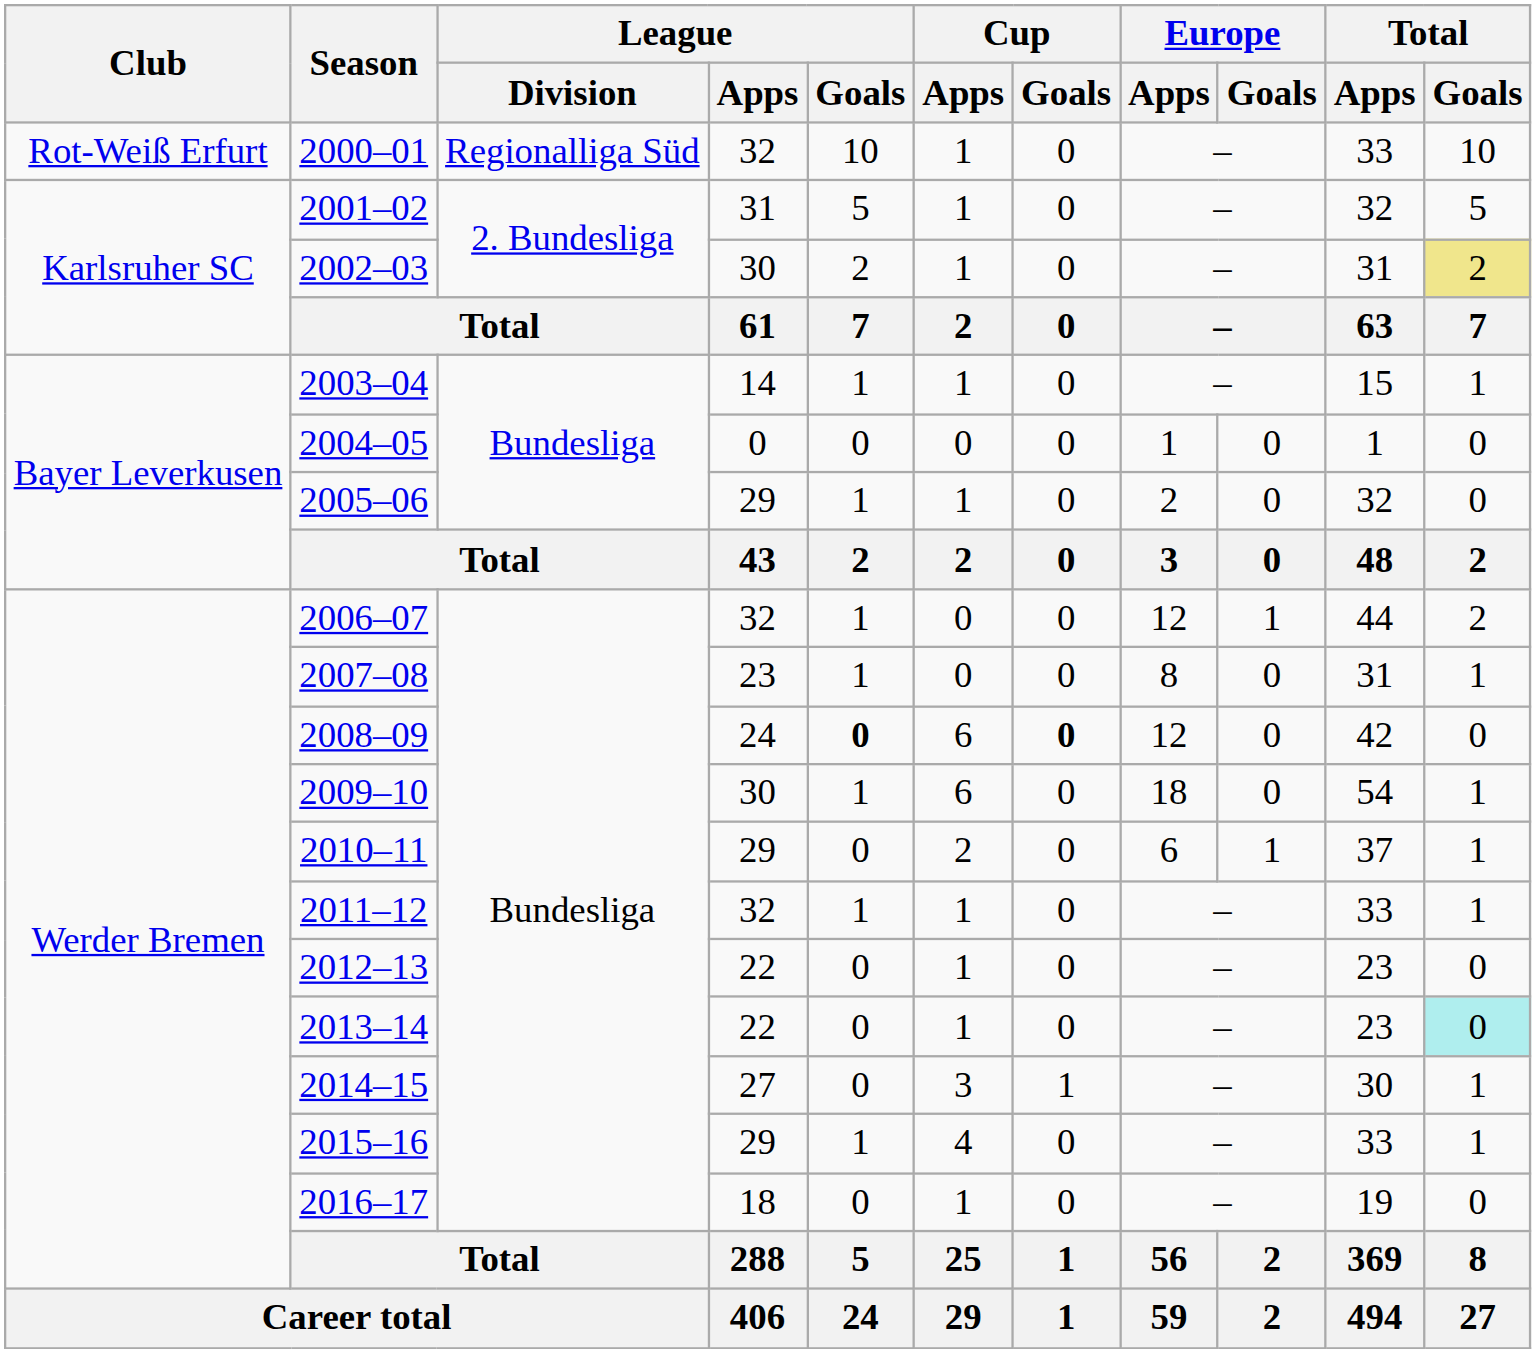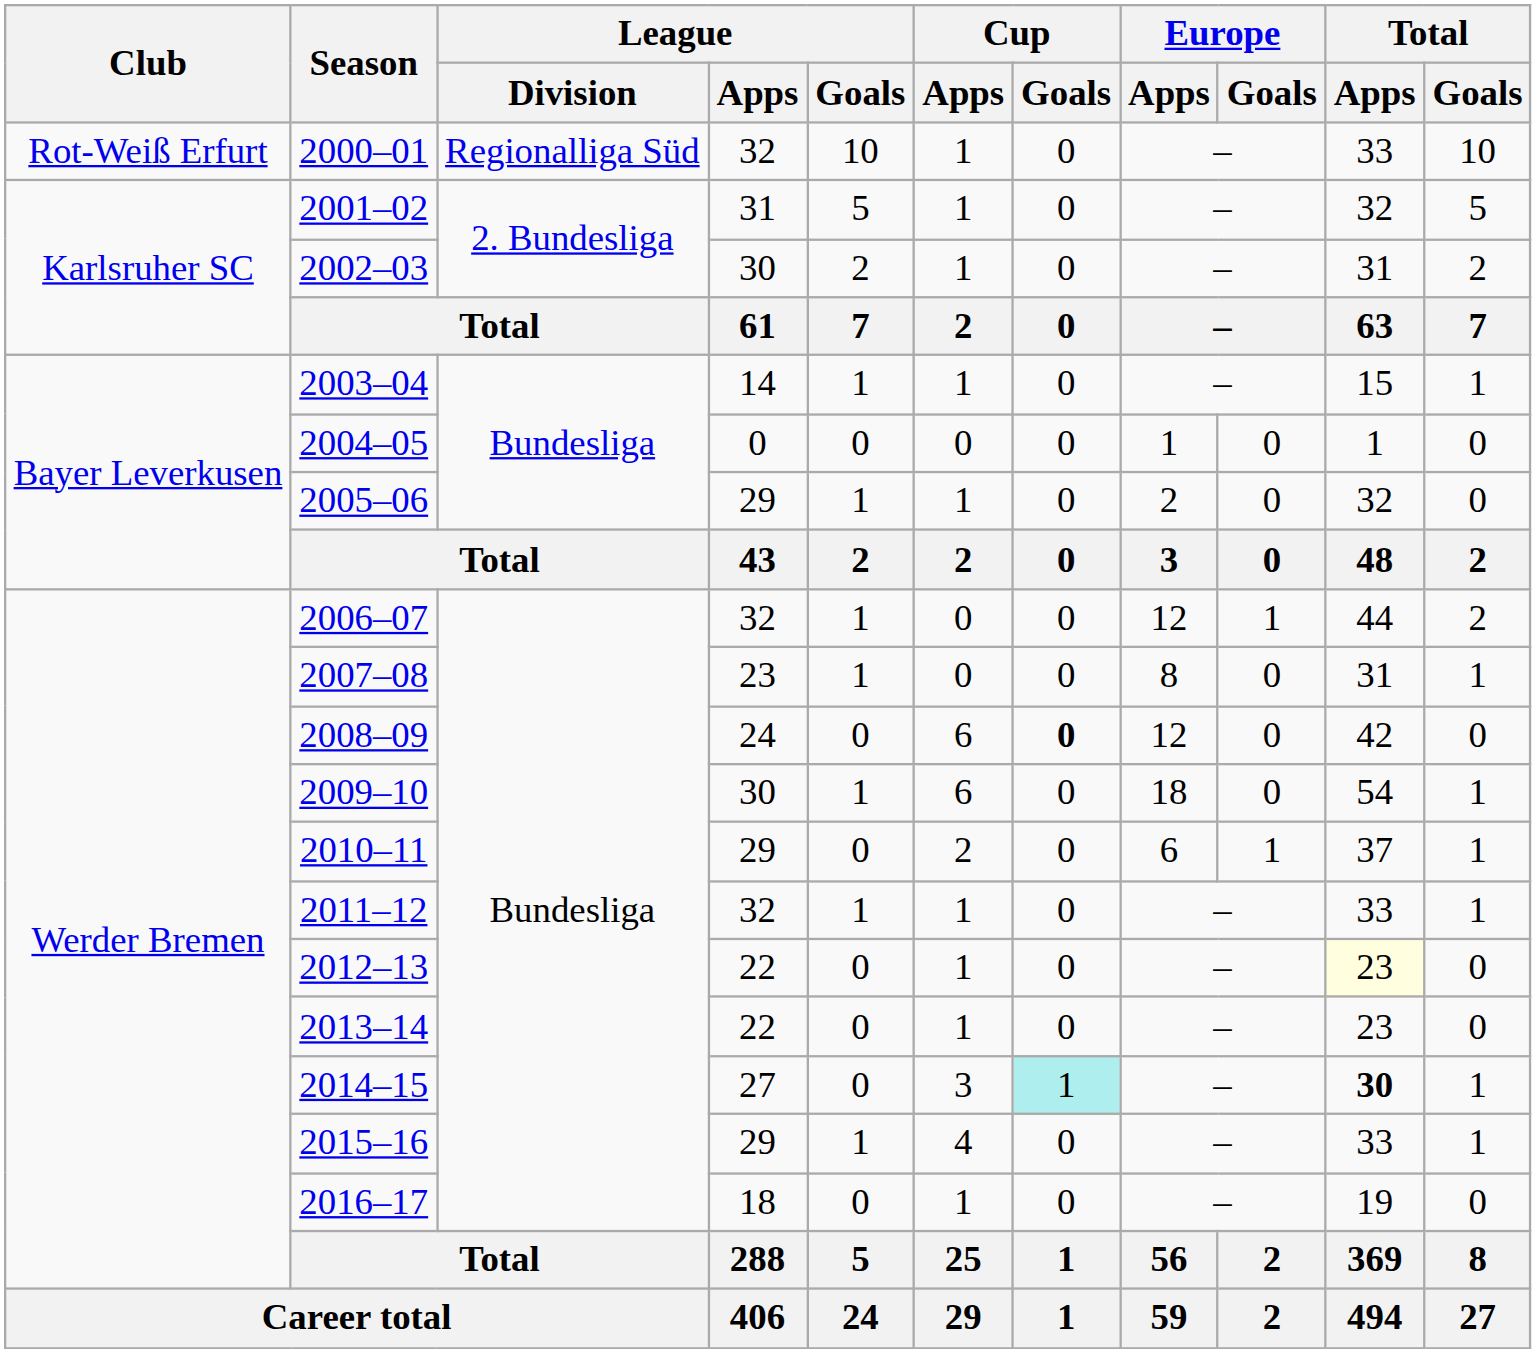 <table class="wikitable" style="text-align:center">
 <tr>
 <th rowspan="2">Club</th>
 <th rowspan="2">Season</th>
 <th Colspan="3">League</th>
 <th Colspan="2">Cup</th>
 <th Colspan="2"><a href='#'>Europe</a></th>
 <th Colspan="2">Total</th>
 </tr>
 <tr>
 <th>Division</th>
 <th>Apps</th>
 <th>Goals</th>
 <th>Apps</th>
 <th>Goals</th>
 <th>Apps</th>
 <th>Goals</th>
 <th>Apps</th>
 <th>Goals</th>
 </tr>
 <tr>
 <td><a href='#'>Rot-Weiß Erfurt</a></td>
 <td><a href='#'>2000–01</a></td>
 <td><a href='#'>Regionalliga Süd</a></td>
 <td>32</td>
 <td>10</td>
 <td>1</td>
 <td>0</td>
 <td colspan="2">–</td>
 <td>33</td>
 <td>10</td>
 </tr>
 <tr>
 <td rowspan="3"><a href='#'>Karlsruher SC</a></td>
 <td><a href='#'>2001–02</a></td>
 <td rowspan="2"><a href='#'>2. Bundesliga</a></td>
 <td>31</td>
 <td>5</td>
 <td>1</td>
 <td>0</td>
 <td colspan="2">–</td>
 <td>32</td>
 <td>5</td>
 </tr>
 <tr>
 <td><a href='#'>2002–03</a></td>
 <td>30</td>
 <td>2</td>
 <td>1</td>
 <td>0</td>
 <td colspan="2">–</td>
 <td>31</td>
-<td style="background: khaki;">2</td>
+<td>2</td>
 </tr>
 <tr>
 <th colspan="2">Total</th>
 <th>61</th>
 <th>7</th>
 <th>2</th>
 <th>0</th>
 <th colspan="2">–</th>
 <th>63</th>
 <th>7</th>
 </tr>
 <tr>
 <td rowspan="4"><a href='#'>Bayer Leverkusen</a></td>
 <td><a href='#'>2003–04</a></td>
 <td rowspan="3"><a href='#'>Bundesliga</a></td>
 <td>14</td>
 <td>1</td>
 <td>1</td>
 <td>0</td>
 <td colspan="2">–</td>
 <td>15</td>
 <td>1</td>
 </tr>
 <tr>
 <td><a href='#'>2004–05</a></td>
 <td>0</td>
 <td>0</td>
 <td>0</td>
 <td>0</td>
 <td>1</td>
 <td>0</td>
 <td>1</td>
 <td>0</td>
 </tr>
 <tr>
 <td><a href='#'>2005–06</a></td>
 <td>29</td>
 <td>1</td>
 <td>1</td>
 <td>0</td>
 <td>2</td>
 <td>0</td>
 <td>32</td>
 <td>0</td>
 </tr>
 <tr>
 <th colspan="2">Total</th>
 <th>43</th>
 <th>2</th>
 <th>2</th>
 <th>0</th>
 <th>3</th>
 <th>0</th>
 <th>48</th>
 <th>2</th>
 </tr>
 <tr>
 <td rowspan="12"><a href='#'>Werder Bremen</a></td>
 <td><a href='#'>2006–07</a></td>
 <td rowspan="11">Bundesliga</td>
 <td>32</td>
 <td>1</td>
 <td>0</td>
 <td>0</td>
 <td>12</td>
 <td>1</td>
 <td>44</td>
 <td>2</td>
 </tr>
 <tr>
 <td><a href='#'>2007–08</a></td>
 <td>23</td>
 <td>1</td>
 <td>0</td>
 <td>0</td>
 <td>8</td>
 <td>0</td>
 <td>31</td>
 <td>1</td>
 </tr>
 <tr>
 <td><a href='#'>2008–09</a></td>
 <td>24</td>
-<td><strong>0</strong></td>
+<td>0</td>
 <td>6</td>
 <td><strong>0</strong></td>
 <td>12</td>
 <td>0</td>
 <td>42</td>
 <td>0</td>
 </tr>
 <tr>
 <td><a href='#'>2009–10</a></td>
 <td>30</td>
 <td>1</td>
 <td>6</td>
 <td>0</td>
 <td>18</td>
 <td>0</td>
 <td>54</td>
 <td>1</td>
 </tr>
 <tr>
 <td><a href='#'>2010–11</a></td>
 <td>29</td>
 <td>0</td>
 <td>2</td>
 <td>0</td>
 <td>6</td>
 <td>1</td>
 <td>37</td>
 <td>1</td>
 </tr>
 <tr>
 <td><a href='#'>2011–12</a></td>
 <td>32</td>
 <td>1</td>
 <td>1</td>
 <td>0</td>
 <td colspan="2">–</td>
 <td>33</td>
 <td>1</td>
 </tr>
 <tr>
 <td><a href='#'>2012–13</a></td>
 <td>22</td>
 <td>0</td>
 <td>1</td>
 <td>0</td>
 <td colspan="2">–</td>
-<td>23</td>
+<td style="background: lightyellow;">23</td>
 <td>0</td>
 </tr>
 <tr>
 <td><a href='#'>2013–14</a></td>
 <td>22</td>
 <td>0</td>
 <td>1</td>
 <td>0</td>
 <td colspan="2">–</td>
 <td>23</td>
-<td style="background: paleturquoise;">0</td>
+<td>0</td>
 </tr>
 <tr>
 <td><a href='#'>2014–15</a></td>
 <td>27</td>
 <td>0</td>
 <td>3</td>
-<td>1</td>
+<td style="background: paleturquoise;">1</td>
 <td colspan="2">–</td>
-<td>30</td>
+<td><strong>30</strong></td>
 <td>1</td>
 </tr>
 <tr>
 <td><a href='#'>2015–16</a></td>
 <td>29</td>
 <td>1</td>
 <td>4</td>
 <td>0</td>
 <td colspan="2">–</td>
 <td>33</td>
 <td>1</td>
 </tr>
 <tr>
 <td><a href='#'>2016–17</a></td>
 <td>18</td>
 <td>0</td>
 <td>1</td>
 <td>0</td>
 <td colspan="2">–</td>
 <td>19</td>
 <td>0</td>
 </tr>
 <tr>
 <th colspan="2">Total</th>
 <th>288</th>
 <th>5</th>
 <th>25</th>
 <th>1</th>
 <th>56</th>
 <th>2</th>
 <th>369</th>
 <th>8</th>
 </tr>
 <tr>
 <th colspan="3">Career total</th>
 <th>406</th>
 <th>24</th>
 <th>29</th>
 <th>1</th>
 <th>59</th>
 <th>2</th>
 <th>494</th>
 <th>27</th>
 </tr>
 </table>
